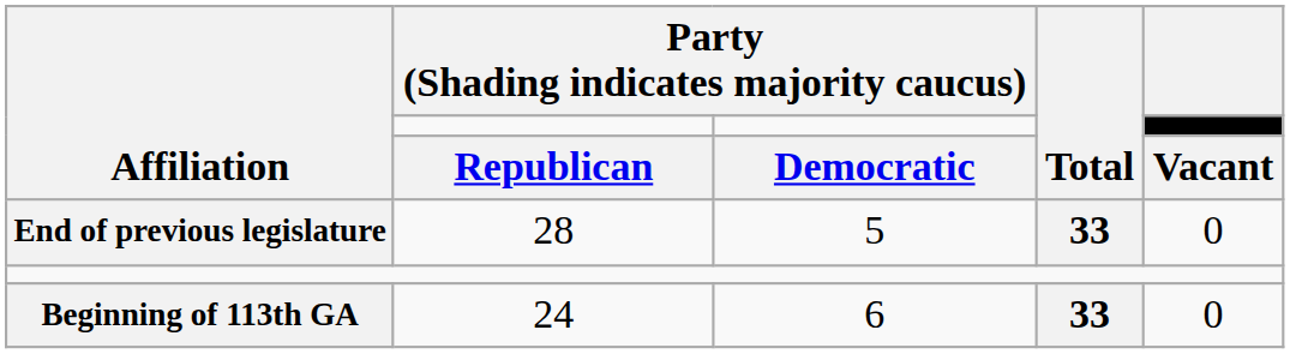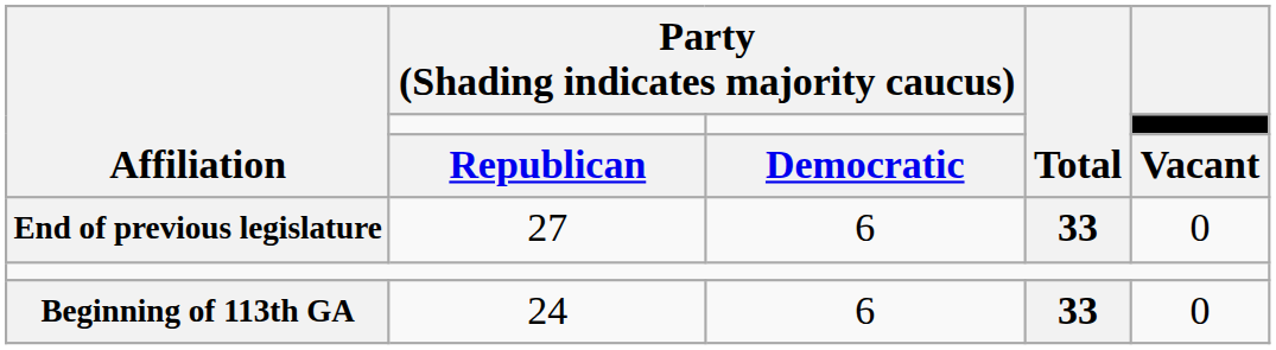 <table class=wikitable style="text-align:center">
 <tr style="vertical-align:bottom;">
 <th rowspan=3>Affiliation</th>
 <th colspan="2">Party <div>(Shading indicates majority caucus)</div></th>
 <th rowspan=3>Total</th>
 <th></th>
 </tr>
 <tr>
 <td style="background-color:"></td>
 <td style="background-color:"></td>
 <td style="background: black"></td>
 </tr>
 <tr>
 <th><a href='#'>Republican</a></th>
 <th><a href='#'>Democratic</a></th>
 <th>Vacant</th>
 </tr>
 <tr>
 <th nowrap style="font-size:80%">End of previous legislature</th>
-<td>28</td>
-<td>5</td>
+<td>27</td>
+<td>6</td>
 <th><strong>33</strong></th>
 <td>0</td>
 </tr>
 <tr>
 <td colspan="6"></td>
 </tr>
 <tr>
 <th nowrap style="font-size:80%">Beginning of 113th GA</th>
 <td>24</td>
 <td>6</td>
 <th><strong>33</strong></th>
 <td>0</td>
 </tr>
 </table>
